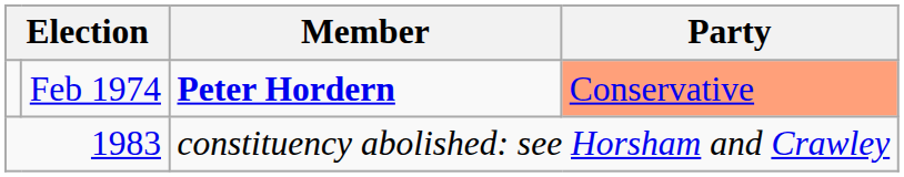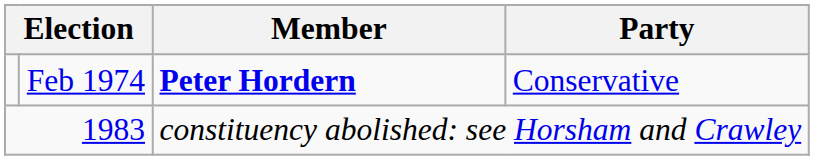 <table class="wikitable">
 <tr>
 <th colspan="2">Election</th>
 <th>Member</th>
 <th>Party</th>
 </tr>
 <tr>
 <td style="color:inherit;background-color: "></td>
 <td><a href='#'>Feb 1974</a></td>
 <td><strong><a href='#'>Peter Hordern</a></strong></td>
-<td style="background: lightsalmon;"><a href='#'>Conservative</a></td>
+<td><a href='#'>Conservative</a></td>
 </tr>
 <tr>
 <td colspan="2" align="right"><a href='#'>1983</a></td>
 <td colspan="2"><em>constituency abolished: see <a href='#'>Horsham</a> and <a href='#'>Crawley</a></em></td>
 </tr>
 </table>
